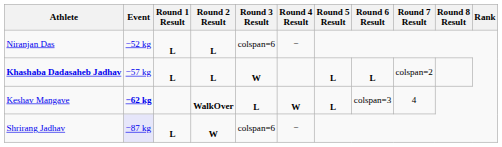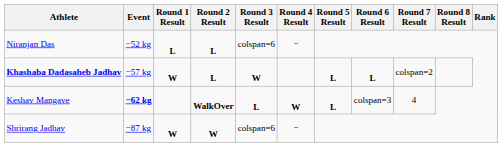 <table class="wikitable" style="font-size:90%">
 <tr>
 <th>Athlete</th>
 <th>Event</th>
 <th>Round 1<br>Result</th>
 <th>Round 2<br>Result</th>
 <th>Round 3<br>Result</th>
 <th>Round 4<br>Result</th>
 <th>Round 5<br>Result</th>
 <th>Round 6<br>Result</th>
 <th>Round 7<br>Result</th>
 <th>Round 8<br>Result</th>
 <th>Rank</th>
 </tr>
 <tr align=center>
 <td align=left><a href='#'>Niranjan Das</a></td>
 <td align=left><a href='#'>−52 kg</a></td>
 <td><br><strong>L</strong> <sup></sup></td>
 <td><br><strong>L</strong> <sup></sup></td>
 <td>colspan=6 </td>
 <td>−</td>
 </tr>
 <tr align=center>
 <td align=left><strong><a href='#'>Khashaba Dadasaheb Jadhav</a></strong></td>
 <td align=left><a href='#'>−57 kg</a></td>
-<td><br><strong>L</strong> <sup></sup></td>
+<td><br><strong>W</strong> <sup></sup></td>
 <td><br><strong>L</strong> <sup></sup></td>
 <td><br><strong>W</strong> <sup></sup></td>
 <td></td>
 <td><br><strong>L</strong> <sup></sup></td>
 <td><br><strong>L</strong> <sup></sup></td>
 <td>colspan=2 </td>
 <td></td>
 </tr>
 <tr align=center>
 <td align=left><a href='#'>Keshav Mangave</a></td>
 <td align=left><strong><a href='#'>−62 kg</a></strong></td>
 <td></td>
 <td><br><strong>WalkOver</strong></td>
 <td><br><strong>L</strong> <sup></sup></td>
 <td><br><strong>W</strong> <sup></sup></td>
 <td><br><strong>L</strong> <sup></sup></td>
 <td>colspan=3 </td>
 <td>4</td>
 </tr>
 <tr align=center>
 <td align=left><a href='#'>Shrirang Jadhav</a></td>
-<td align=left style="background: lavender;"><a href='#'>−87 kg</a></td>
-<td><br><strong>L</strong> <sup></sup></td>
+<td align=left><a href='#'>−87 kg</a></td>
+<td><br><strong>W</strong> <sup></sup></td>
 <td><br><strong>W</strong> <sup></sup></td>
 <td>colspan=6 </td>
 <td>−</td>
 </tr>
 </table>
